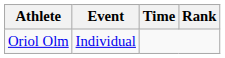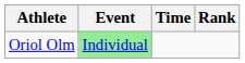 <table class="wikitable" style="font-size:90%">
 <tr>
 <th>Athlete</th>
 <th>Event</th>
 <th>Time</th>
 <th>Rank</th>
 </tr>
 <tr align=center>
 <td align=left><a href='#'>Oriol Olm</a></td>
-<td align=left><a href='#'>Individual</a></td>
+<td align=left style="background: lightgreen;"><a href='#'>Individual</a></td>
 <td colspan=2></td>
 </tr>
 </table>
